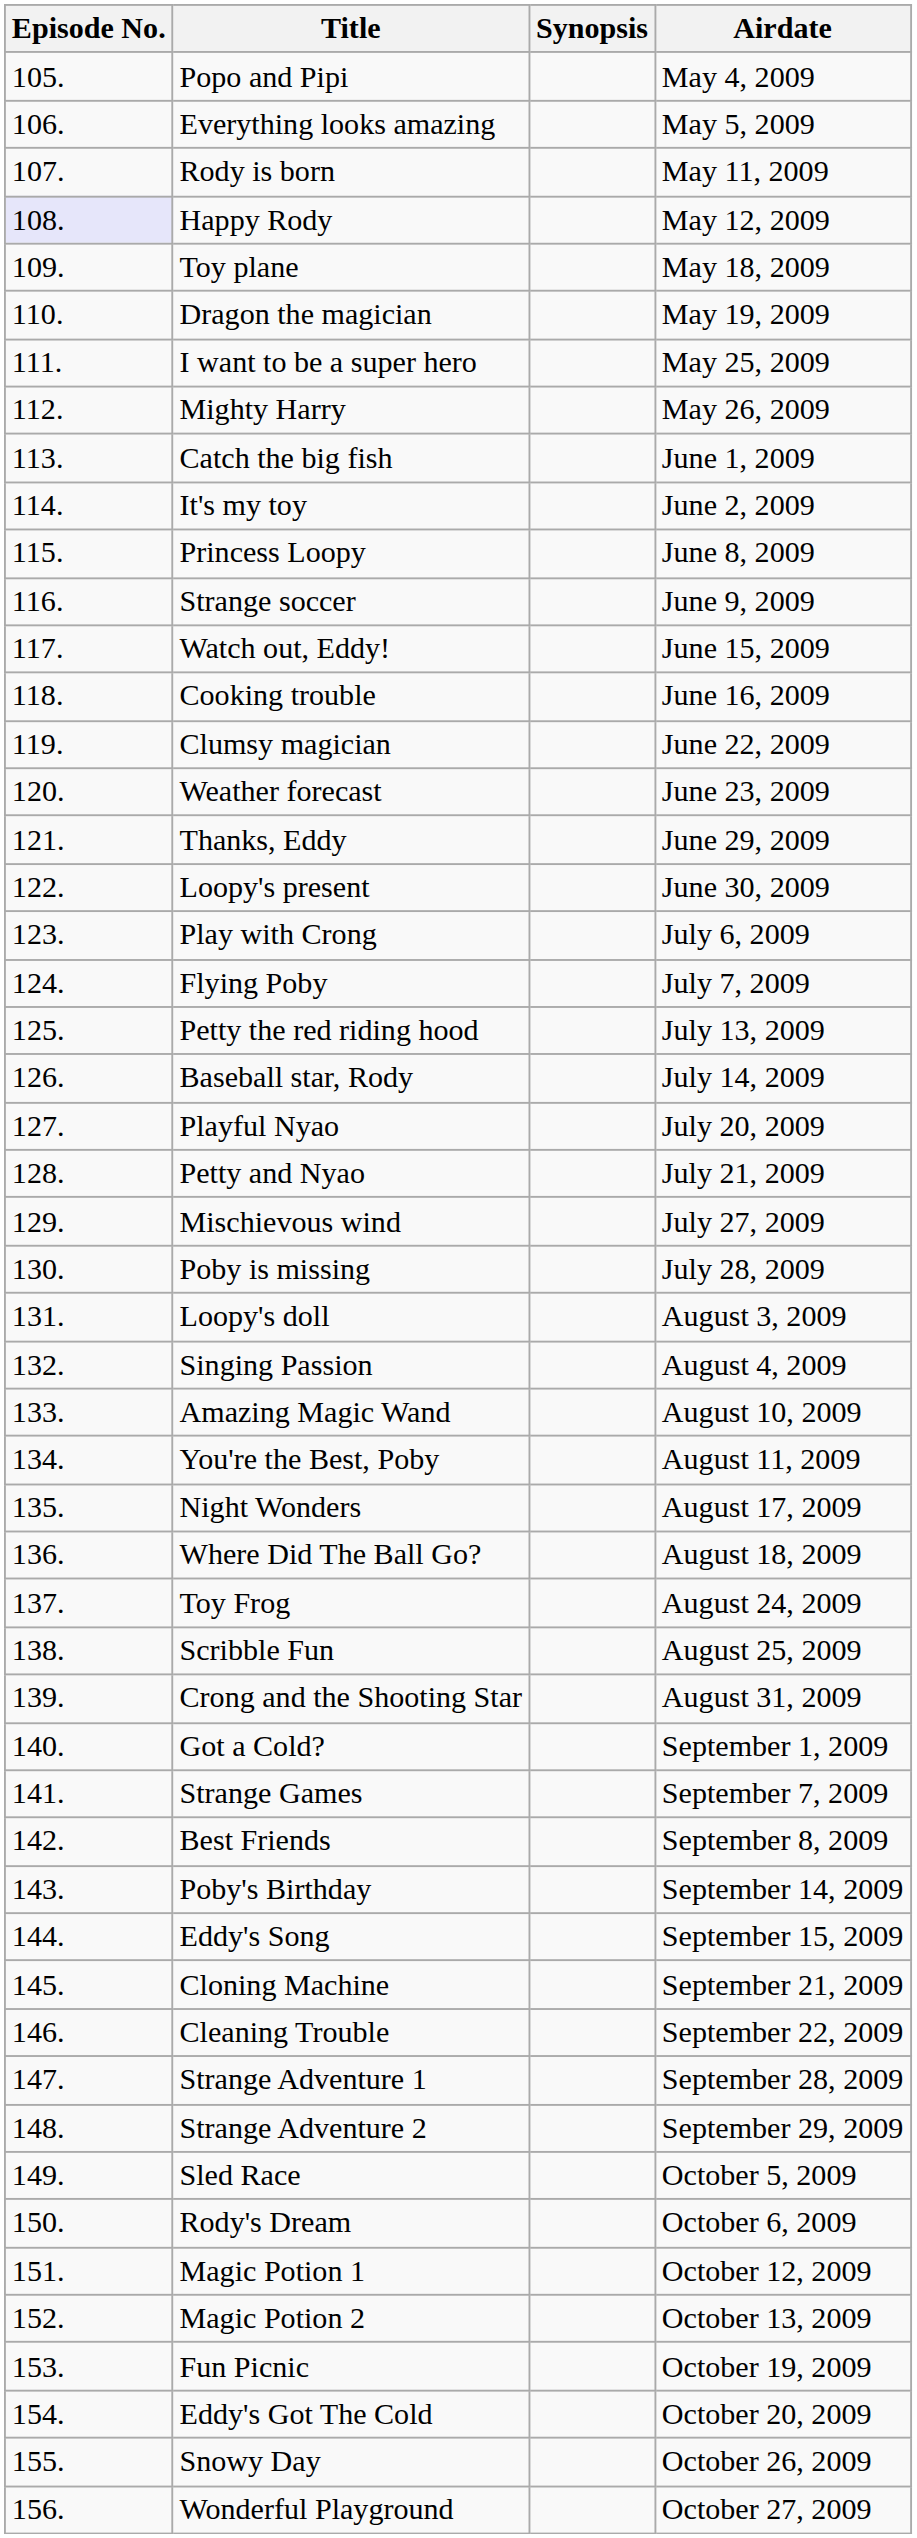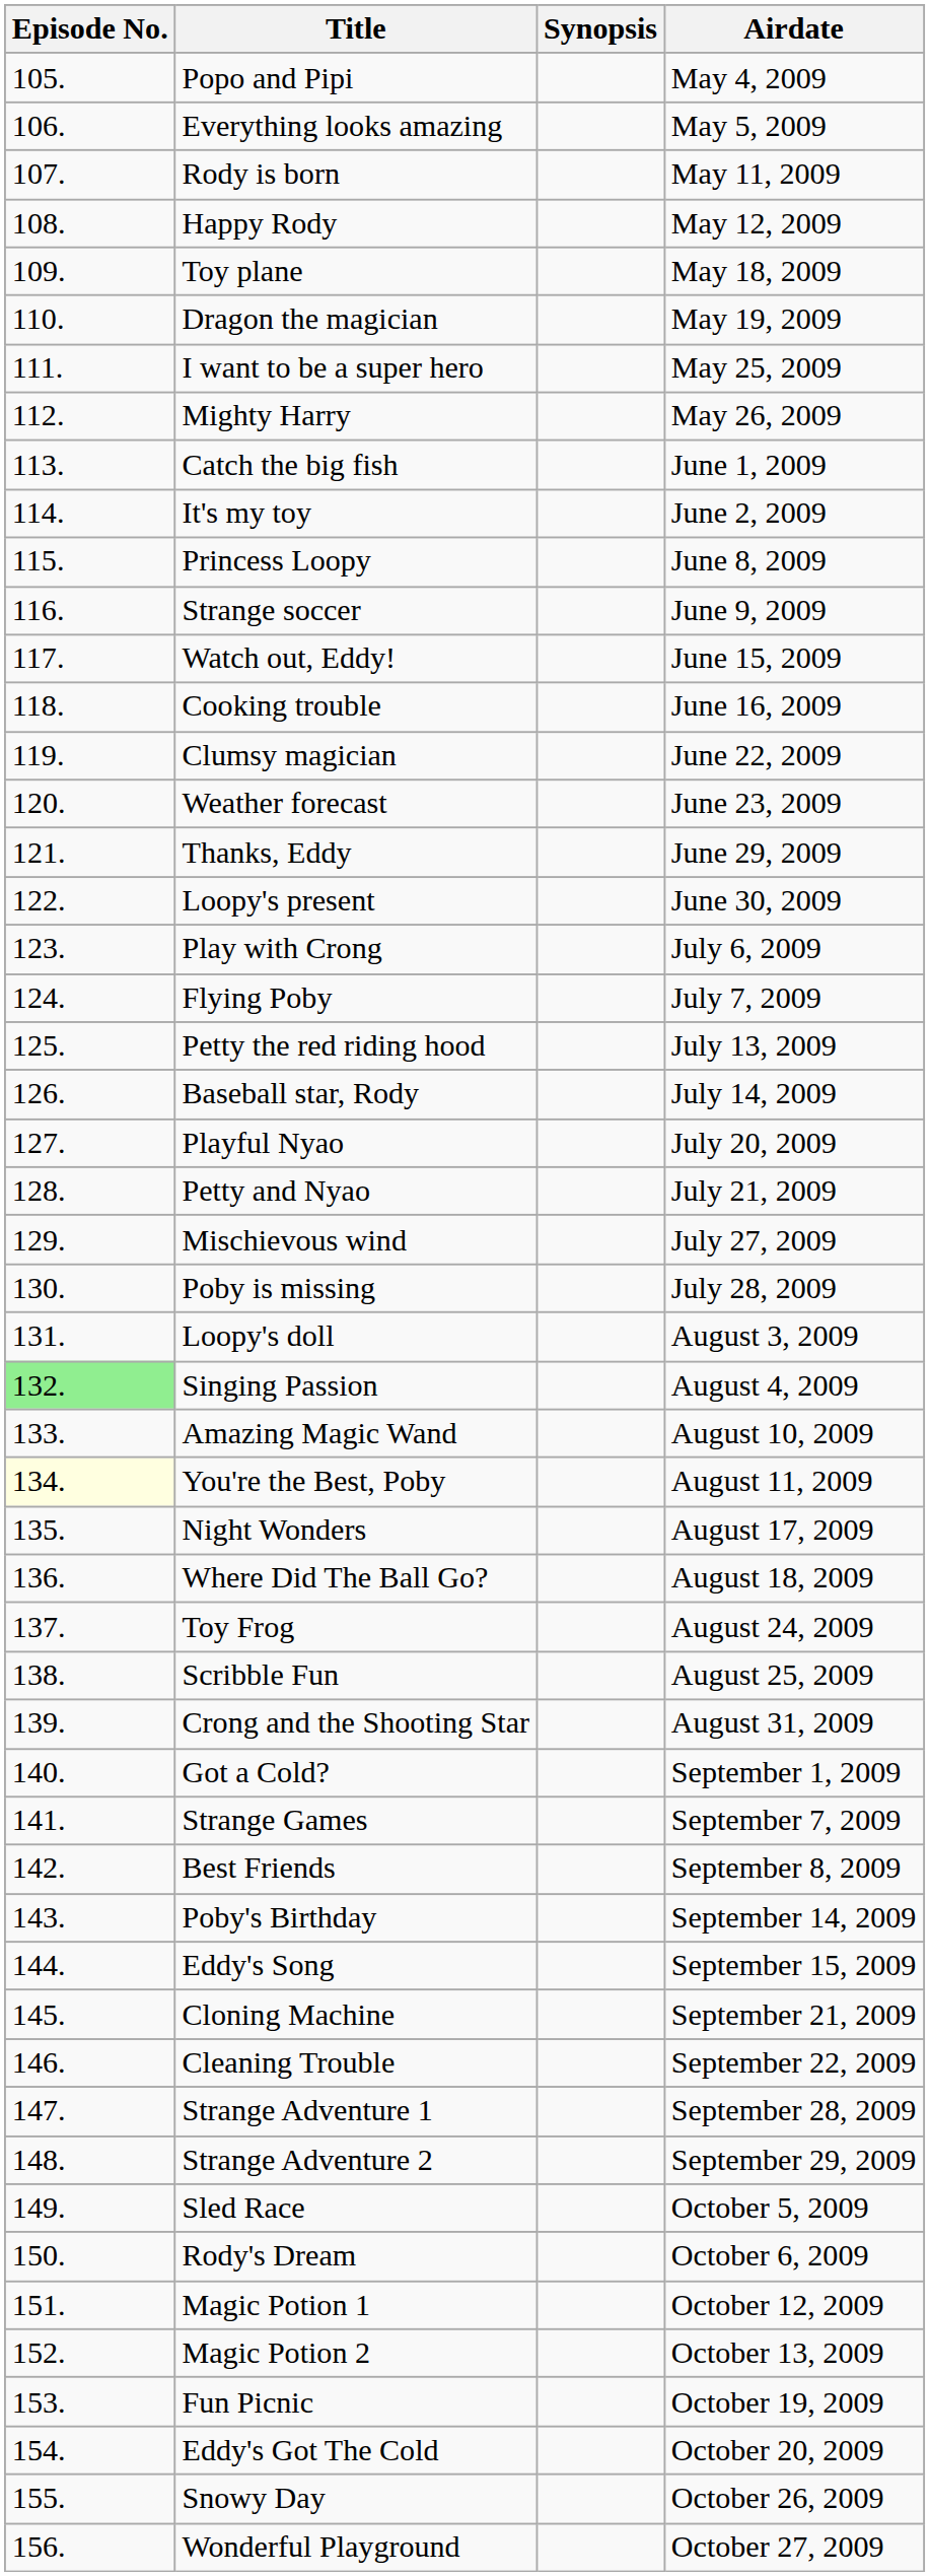 <table class="wikitable">
 <tr>
 <th>Episode No.</th>
 <th>Title</th>
 <th>Synopsis</th>
 <th>Airdate</th>
 </tr>
 <tr>
 <td>105.</td>
 <td>Popo and Pipi</td>
 <td></td>
 <td>May 4, 2009</td>
 </tr>
 <tr>
 <td>106.</td>
 <td>Everything looks amazing</td>
 <td></td>
 <td>May 5, 2009</td>
 </tr>
 <tr>
 <td>107.</td>
 <td>Rody is born</td>
 <td></td>
 <td>May 11, 2009</td>
 </tr>
 <tr>
-<td style="background: lavender;">108.</td>
+<td>108.</td>
 <td>Happy Rody</td>
 <td></td>
 <td>May 12, 2009</td>
 </tr>
 <tr>
 <td>109.</td>
 <td>Toy plane</td>
 <td></td>
 <td>May 18, 2009</td>
 </tr>
 <tr>
 <td>110.</td>
 <td>Dragon the magician</td>
 <td></td>
 <td>May 19, 2009</td>
 </tr>
 <tr>
 <td>111.</td>
 <td>I want to be a super hero</td>
 <td></td>
 <td>May 25, 2009</td>
 </tr>
 <tr>
 <td>112.</td>
 <td>Mighty Harry</td>
 <td></td>
 <td>May 26, 2009</td>
 </tr>
 <tr>
 <td>113.</td>
 <td>Catch the big fish</td>
 <td></td>
 <td>June 1, 2009</td>
 </tr>
 <tr>
 <td>114.</td>
 <td>It's my toy</td>
 <td></td>
 <td>June 2, 2009</td>
 </tr>
 <tr>
 <td>115.</td>
 <td>Princess Loopy</td>
 <td></td>
 <td>June 8, 2009</td>
 </tr>
 <tr>
 <td>116.</td>
 <td>Strange soccer</td>
 <td></td>
 <td>June 9, 2009</td>
 </tr>
 <tr>
 <td>117.</td>
 <td>Watch out, Eddy!</td>
 <td></td>
 <td>June 15, 2009</td>
 </tr>
 <tr>
 <td>118.</td>
 <td>Cooking trouble</td>
 <td></td>
 <td>June 16, 2009</td>
 </tr>
 <tr>
 <td>119.</td>
 <td>Clumsy magician</td>
 <td></td>
 <td>June 22, 2009</td>
 </tr>
 <tr>
 <td>120.</td>
 <td>Weather forecast</td>
 <td></td>
 <td>June 23, 2009</td>
 </tr>
 <tr>
 <td>121.</td>
 <td>Thanks, Eddy</td>
 <td></td>
 <td>June 29, 2009</td>
 </tr>
 <tr>
 <td>122.</td>
 <td>Loopy's present</td>
 <td></td>
 <td>June 30, 2009</td>
 </tr>
 <tr>
 <td>123.</td>
 <td>Play with Crong</td>
 <td></td>
 <td>July 6, 2009</td>
 </tr>
 <tr>
 <td>124.</td>
 <td>Flying Poby</td>
 <td></td>
 <td>July 7, 2009</td>
 </tr>
 <tr>
 <td>125.</td>
 <td>Petty the red riding hood</td>
 <td></td>
 <td>July 13, 2009</td>
 </tr>
 <tr>
 <td>126.</td>
 <td>Baseball star, Rody</td>
 <td></td>
 <td>July 14, 2009</td>
 </tr>
 <tr>
 <td>127.</td>
 <td>Playful Nyao</td>
 <td></td>
 <td>July 20, 2009</td>
 </tr>
 <tr>
 <td>128.</td>
 <td>Petty and Nyao</td>
 <td></td>
 <td>July 21, 2009</td>
 </tr>
 <tr>
 <td>129.</td>
 <td>Mischievous wind</td>
 <td></td>
 <td>July 27, 2009</td>
 </tr>
 <tr>
 <td>130.</td>
 <td>Poby is missing</td>
 <td></td>
 <td>July 28, 2009</td>
 </tr>
 <tr>
 <td>131.</td>
 <td>Loopy's doll</td>
 <td></td>
 <td>August 3, 2009</td>
 </tr>
 <tr>
-<td>132.</td>
+<td style="background: lightgreen;">132.</td>
 <td>Singing Passion</td>
 <td></td>
 <td>August 4, 2009</td>
 </tr>
 <tr>
 <td>133.</td>
 <td>Amazing Magic Wand</td>
 <td></td>
 <td>August 10, 2009</td>
 </tr>
 <tr>
-<td>134.</td>
+<td style="background: lightyellow;">134.</td>
 <td>You're the Best, Poby</td>
 <td></td>
 <td>August 11, 2009</td>
 </tr>
 <tr>
 <td>135.</td>
 <td>Night Wonders</td>
 <td></td>
 <td>August 17, 2009</td>
 </tr>
 <tr>
 <td>136.</td>
 <td>Where Did The Ball Go?</td>
 <td></td>
 <td>August 18, 2009</td>
 </tr>
 <tr>
 <td>137.</td>
 <td>Toy Frog</td>
 <td></td>
 <td>August 24, 2009</td>
 </tr>
 <tr>
 <td>138.</td>
 <td>Scribble Fun</td>
 <td></td>
 <td>August 25, 2009</td>
 </tr>
 <tr>
 <td>139.</td>
 <td>Crong and the Shooting Star</td>
 <td></td>
 <td>August 31, 2009</td>
 </tr>
 <tr>
 <td>140.</td>
 <td>Got a Cold?</td>
 <td></td>
 <td>September 1, 2009</td>
 </tr>
 <tr>
 <td>141.</td>
 <td>Strange Games</td>
 <td></td>
 <td>September 7, 2009</td>
 </tr>
 <tr>
 <td>142.</td>
 <td>Best Friends</td>
 <td></td>
 <td>September 8, 2009</td>
 </tr>
 <tr>
 <td>143.</td>
 <td>Poby's Birthday</td>
 <td></td>
 <td>September 14, 2009</td>
 </tr>
 <tr>
 <td>144.</td>
 <td>Eddy's Song</td>
 <td></td>
 <td>September 15, 2009</td>
 </tr>
 <tr>
 <td>145.</td>
 <td>Cloning Machine</td>
 <td></td>
 <td>September 21, 2009</td>
 </tr>
 <tr>
 <td>146.</td>
 <td>Cleaning Trouble</td>
 <td></td>
 <td>September 22, 2009</td>
 </tr>
 <tr>
 <td>147.</td>
 <td>Strange Adventure 1</td>
 <td></td>
 <td>September 28, 2009</td>
 </tr>
 <tr>
 <td>148.</td>
 <td>Strange Adventure 2</td>
 <td></td>
 <td>September 29, 2009</td>
 </tr>
 <tr>
 <td>149.</td>
 <td>Sled Race</td>
 <td></td>
 <td>October 5, 2009</td>
 </tr>
 <tr>
 <td>150.</td>
 <td>Rody's Dream</td>
 <td></td>
 <td>October 6, 2009</td>
 </tr>
 <tr>
 <td>151.</td>
 <td>Magic Potion 1</td>
 <td></td>
 <td>October 12, 2009</td>
 </tr>
 <tr>
 <td>152.</td>
 <td>Magic Potion 2</td>
 <td></td>
 <td>October 13, 2009</td>
 </tr>
 <tr>
 <td>153.</td>
 <td>Fun Picnic</td>
 <td></td>
 <td>October 19, 2009</td>
 </tr>
 <tr>
 <td>154.</td>
 <td>Eddy's Got The Cold</td>
 <td></td>
 <td>October 20, 2009</td>
 </tr>
 <tr>
 <td>155.</td>
 <td>Snowy Day</td>
 <td></td>
 <td>October 26, 2009</td>
 </tr>
 <tr>
 <td>156.</td>
 <td>Wonderful Playground</td>
 <td></td>
 <td>October 27, 2009</td>
 </tr>
 </table>
